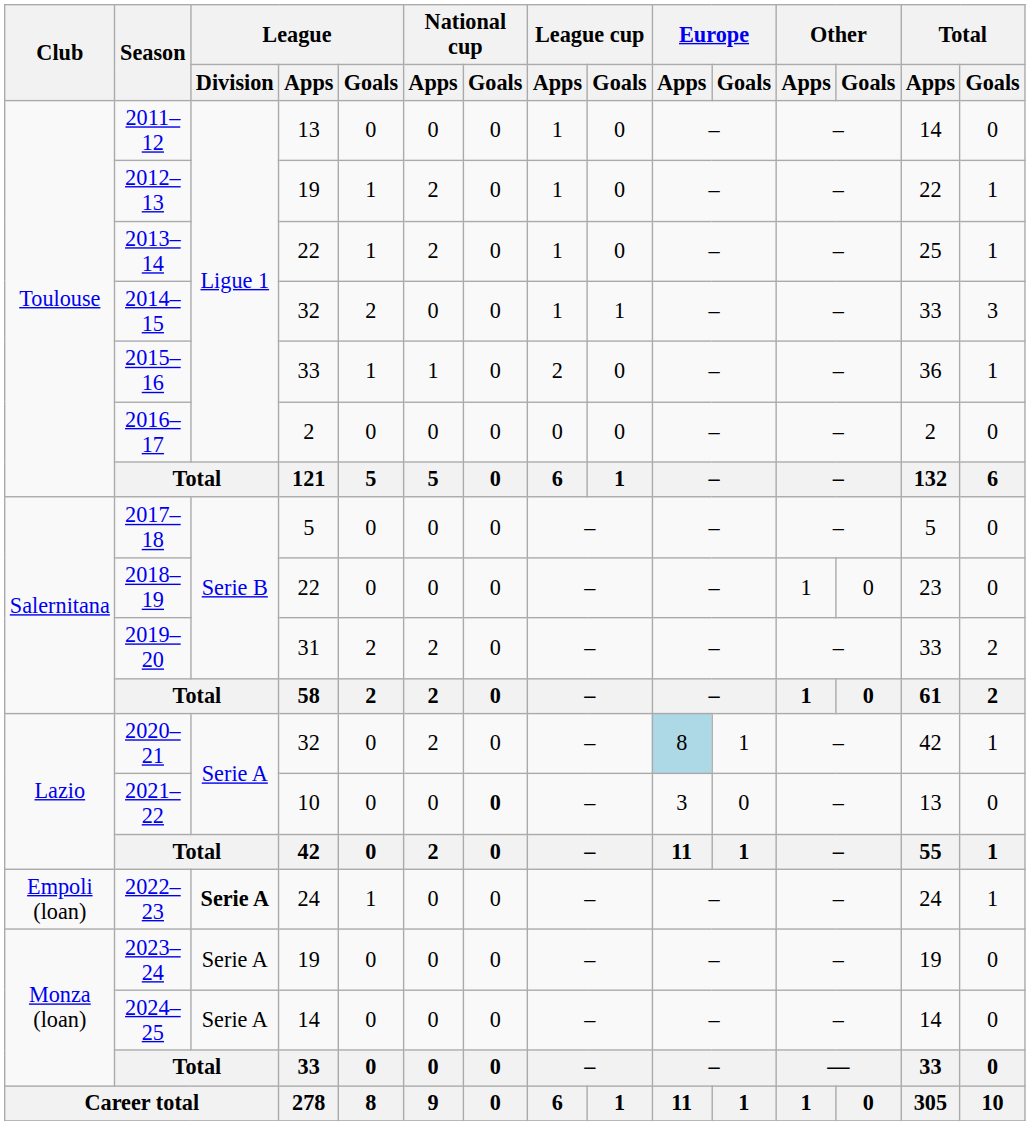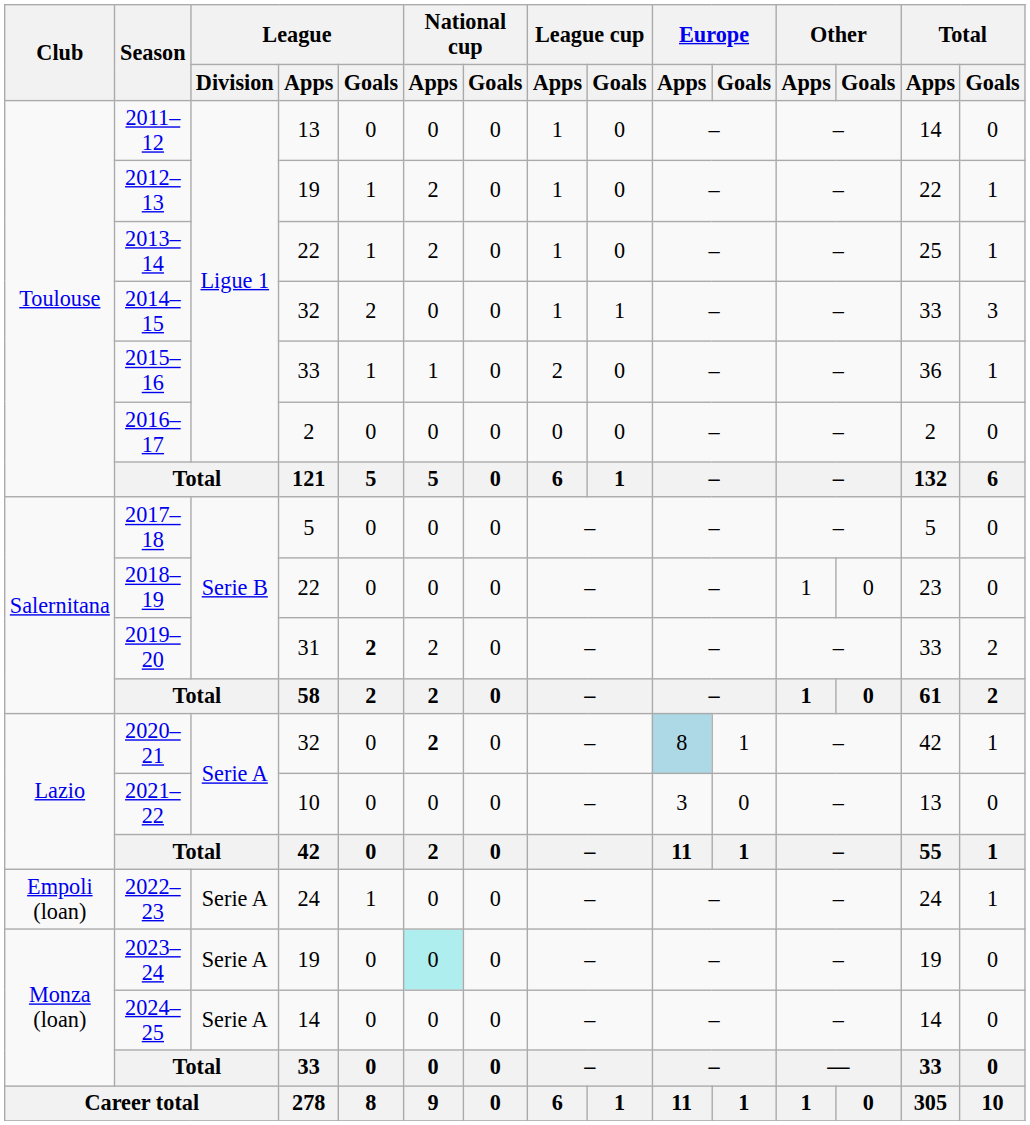 <table class="wikitable" style="text-align:center">
 <tr>
 <th rowspan="2">Club</th>
 <th rowspan="2">Season</th>
 <th colspan="3">League</th>
 <th colspan="2">National cup</th>
 <th colspan="2">League cup</th>
 <th colspan="2"><a href='#'>Europe</a></th>
 <th colspan="2">Other</th>
 <th colspan="2">Total</th>
 </tr>
 <tr>
 <th>Division</th>
 <th>Apps</th>
 <th>Goals</th>
 <th>Apps</th>
 <th>Goals</th>
 <th>Apps</th>
 <th>Goals</th>
 <th>Apps</th>
 <th>Goals</th>
 <th>Apps</th>
 <th>Goals</th>
 <th>Apps</th>
 <th>Goals</th>
 </tr>
 <tr>
 <td rowspan="7"><a href='#'>Toulouse</a></td>
 <td><a href='#'>2011–12</a></td>
 <td rowspan="6"><a href='#'>Ligue 1</a></td>
 <td>13</td>
 <td>0</td>
 <td>0</td>
 <td>0</td>
 <td>1</td>
 <td>0</td>
 <td colspan="2">–</td>
 <td colspan="2">–</td>
 <td>14</td>
 <td>0</td>
 </tr>
 <tr>
 <td><a href='#'>2012–13</a></td>
 <td>19</td>
 <td>1</td>
 <td>2</td>
 <td>0</td>
 <td>1</td>
 <td>0</td>
 <td colspan="2">–</td>
 <td colspan="2">–</td>
 <td>22</td>
 <td>1</td>
 </tr>
 <tr>
 <td><a href='#'>2013–14</a></td>
 <td>22</td>
 <td>1</td>
 <td>2</td>
 <td>0</td>
 <td>1</td>
 <td>0</td>
 <td colspan="2">–</td>
 <td colspan="2">–</td>
 <td>25</td>
 <td>1</td>
 </tr>
 <tr>
 <td><a href='#'>2014–15</a></td>
 <td>32</td>
 <td>2</td>
 <td>0</td>
 <td>0</td>
 <td>1</td>
 <td>1</td>
 <td colspan="2">–</td>
 <td colspan="2">–</td>
 <td>33</td>
 <td>3</td>
 </tr>
 <tr>
 <td><a href='#'>2015–16</a></td>
 <td>33</td>
 <td>1</td>
 <td>1</td>
 <td>0</td>
 <td>2</td>
 <td>0</td>
 <td colspan="2">–</td>
 <td colspan="2">–</td>
 <td>36</td>
 <td>1</td>
 </tr>
 <tr>
 <td><a href='#'>2016–17</a></td>
 <td>2</td>
 <td>0</td>
 <td>0</td>
 <td>0</td>
 <td>0</td>
 <td>0</td>
 <td colspan="2">–</td>
 <td colspan="2">–</td>
 <td>2</td>
 <td>0</td>
 </tr>
 <tr>
 <th colspan="2">Total</th>
 <th>121</th>
 <th>5</th>
 <th>5</th>
 <th>0</th>
 <th>6</th>
 <th>1</th>
 <th colspan="2">–</th>
 <th colspan="2">–</th>
 <th>132</th>
 <th>6</th>
 </tr>
 <tr>
 <td rowspan="4"><a href='#'>Salernitana</a></td>
 <td><a href='#'>2017–18</a></td>
 <td rowspan="3"><a href='#'>Serie B</a></td>
 <td>5</td>
 <td>0</td>
 <td>0</td>
 <td>0</td>
 <td colspan="2">–</td>
 <td colspan="2">–</td>
 <td colspan="2">–</td>
 <td>5</td>
 <td>0</td>
 </tr>
 <tr>
 <td><a href='#'>2018–19</a></td>
 <td>22</td>
 <td>0</td>
 <td>0</td>
 <td>0</td>
 <td colspan="2">–</td>
 <td colspan="2">–</td>
 <td>1</td>
 <td>0</td>
 <td>23</td>
 <td>0</td>
 </tr>
 <tr>
 <td><a href='#'>2019–20</a></td>
 <td>31</td>
-<td>2</td>
+<td><strong>2</strong></td>
 <td>2</td>
 <td>0</td>
 <td colspan="2">–</td>
 <td colspan="2">–</td>
 <td colspan="2">–</td>
 <td>33</td>
 <td>2</td>
 </tr>
 <tr>
 <th colspan="2">Total</th>
 <th>58</th>
 <th>2</th>
 <th>2</th>
 <th>0</th>
 <th colspan="2">–</th>
 <th colspan="2">–</th>
 <th>1</th>
 <th>0</th>
 <th>61</th>
 <th>2</th>
 </tr>
 <tr>
 <td rowspan="3"><a href='#'>Lazio</a></td>
 <td><a href='#'>2020–21</a></td>
 <td rowspan="2"><a href='#'>Serie A</a></td>
 <td>32</td>
 <td>0</td>
-<td>2</td>
+<td><strong>2</strong></td>
 <td>0</td>
 <td colspan="2">–</td>
 <td style="background: lightblue;">8</td>
 <td>1</td>
 <td colspan="2">–</td>
 <td>42</td>
 <td>1</td>
 </tr>
 <tr>
 <td><a href='#'>2021–22</a></td>
 <td>10</td>
 <td>0</td>
 <td>0</td>
-<td><strong>0</strong></td>
+<td>0</td>
 <td colspan="2">–</td>
 <td>3</td>
 <td>0</td>
 <td colspan="2">–</td>
 <td>13</td>
 <td>0</td>
 </tr>
 <tr>
 <th colspan="2">Total</th>
 <th>42</th>
 <th>0</th>
 <th>2</th>
 <th>0</th>
 <th colspan="2">–</th>
 <th>11</th>
 <th>1</th>
 <th colspan="2">–</th>
 <th>55</th>
 <th>1</th>
 </tr>
 <tr>
 <td><a href='#'>Empoli</a> (loan)</td>
 <td><a href='#'>2022–23</a></td>
-<td><strong>Serie A</strong></td>
+<td>Serie A</td>
 <td>24</td>
 <td>1</td>
 <td>0</td>
 <td>0</td>
 <td colspan="2">–</td>
 <td colspan="2">–</td>
 <td colspan="2">–</td>
 <td>24</td>
 <td>1</td>
 </tr>
 <tr>
 <td rowspan="3"><a href='#'>Monza</a> (loan)</td>
 <td><a href='#'>2023–24</a></td>
 <td>Serie A</td>
 <td>19</td>
 <td>0</td>
-<td>0</td>
+<td style="background: paleturquoise;">0</td>
 <td>0</td>
 <td colspan="2">–</td>
 <td colspan="2">–</td>
 <td colspan="2">–</td>
 <td>19</td>
 <td>0</td>
 </tr>
 <tr>
 <td><a href='#'>2024–25</a></td>
 <td>Serie A</td>
 <td>14</td>
 <td>0</td>
 <td>0</td>
 <td>0</td>
 <td colspan="2">–</td>
 <td colspan="2">–</td>
 <td colspan="2">–</td>
 <td>14</td>
 <td>0</td>
 </tr>
 <tr>
 <th colspan="2">Total</th>
 <th>33</th>
 <th>0</th>
 <th>0</th>
 <th>0</th>
 <th colspan="2">–</th>
 <th colspan="2">–</th>
 <th colspan="2">—</th>
 <th>33</th>
 <th>0</th>
 </tr>
 <tr>
 <th colspan="3">Career total</th>
 <th>278</th>
 <th>8</th>
 <th>9</th>
 <th>0</th>
 <th>6</th>
 <th>1</th>
 <th>11</th>
 <th>1</th>
 <th>1</th>
 <th>0</th>
 <th>305</th>
 <th>10</th>
 </tr>
 </table>
